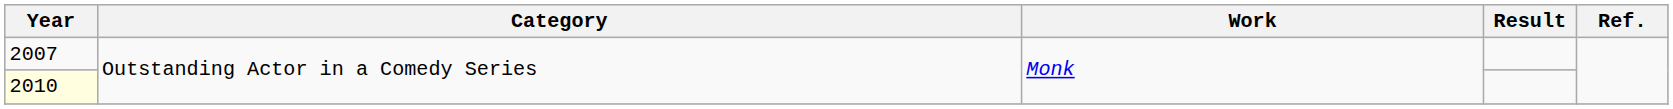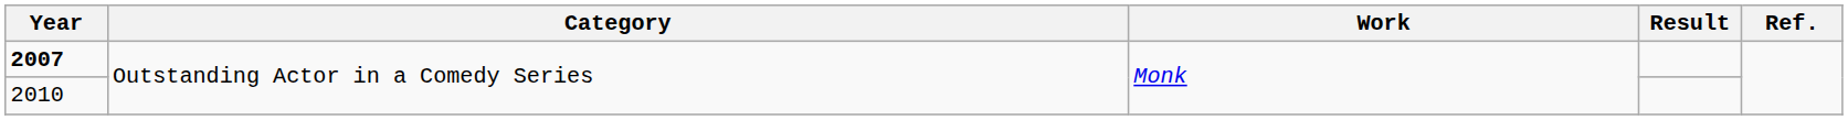 <table class="wikitable" style="width:85%;">
 <tr>
 <th style="width:5%;">Year</th>
 <th style="width:50%;">Category</th>
 <th style="width:25%;">Work</th>
 <th style="width:5%;">Result</th>
 <th style="width:5%;">Ref.</th>
 </tr>
 <tr>
-<td>2007</td>
+<td><strong>2007</strong></td>
 <td rowspan="2">Outstanding Actor in a Comedy Series</td>
 <td rowspan="2"><em><a href='#'>Monk</a></em></td>
 <td></td>
 <td rowspan="2"></td>
 </tr>
 <tr>
-<td style="background: lightyellow;">2010</td>
+<td>2010</td>
 <td></td>
 </tr>
 </table>
